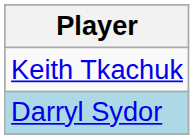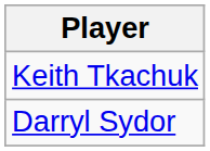 <table class="wikitable">
 <tr>
 <th>Player</th>
 </tr>
 <tr>
 <td><a href='#'>Keith Tkachuk</a></td>
 </tr>
 <tr>
-<td style="background: lightblue;"><a href='#'>Darryl Sydor</a></td>
+<td><a href='#'>Darryl Sydor</a></td>
 </tr>
 </table>
